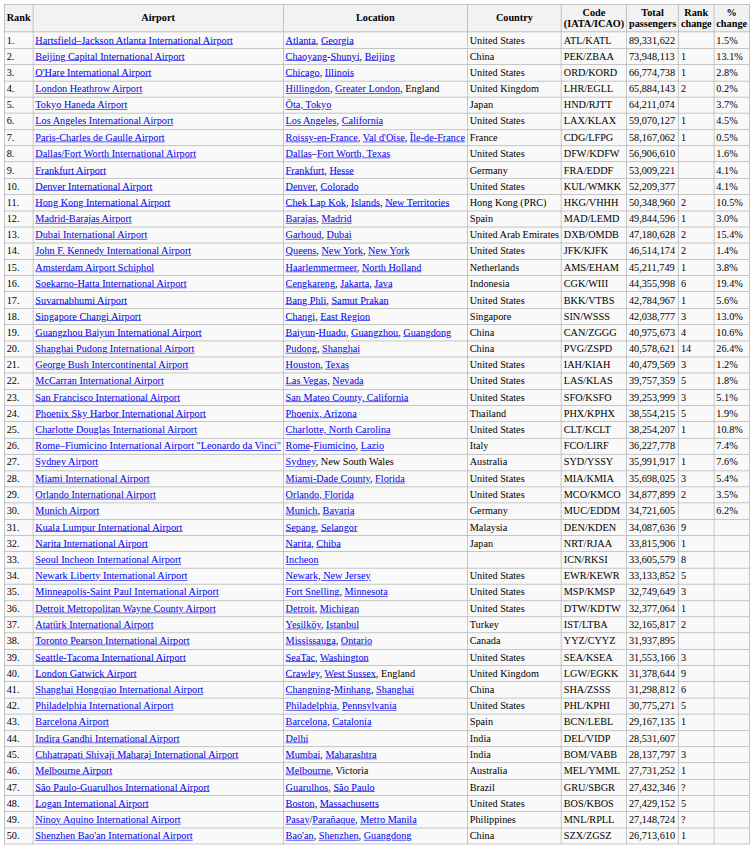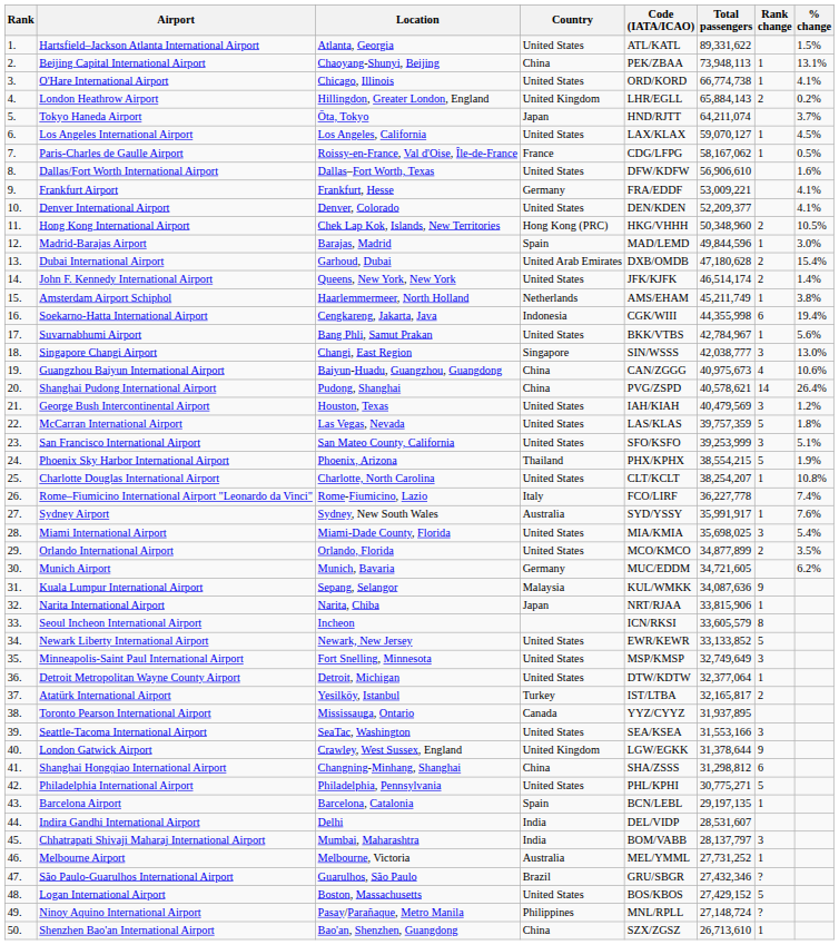 <table class="wikitable sortable" style="-size: 85%" width= align=>
 <tr style="background:lightgrey;">
 <th>Rank</th>
 <th>Airport</th>
 <th>Location</th>
 <th>Country</th>
 <th>Code<br>(IATA/ICAO)</th>
 <th>Total<br>passengers</th>
 <th>Rank<br>change</th>
 <th>%<br>change</th>
 </tr>
 <tr>
 <td>1.</td>
 <td> <a href='#'>Hartsfield–Jackson Atlanta International Airport</a></td>
 <td><a href='#'>Atlanta</a>, <a href='#'>Georgia</a></td>
 <td>United States</td>
 <td>ATL/KATL</td>
 <td>89,331,622</td>
 <td></td>
 <td>1.5%</td>
 </tr>
 <tr>
 <td>2.</td>
 <td> <a href='#'>Beijing Capital International Airport</a></td>
 <td><a href='#'>Chaoyang</a>-<a href='#'>Shunyi</a>, <a href='#'>Beijing</a></td>
 <td>China</td>
 <td>PEK/ZBAA</td>
 <td>73,948,113</td>
 <td>1</td>
 <td>13.1%</td>
 </tr>
 <tr>
 <td>3.</td>
 <td> <a href='#'>O'Hare International Airport</a></td>
 <td><a href='#'>Chicago</a>, <a href='#'>Illinois</a></td>
 <td>United States</td>
 <td>ORD/KORD</td>
 <td>66,774,738</td>
 <td>1</td>
-<td>2.8%</td>
+<td>4.1%</td>
 </tr>
 <tr>
 <td>4.</td>
 <td> <a href='#'>London Heathrow Airport</a></td>
 <td><a href='#'>Hillingdon</a>, <a href='#'>Greater London</a>, England</td>
 <td>United Kingdom</td>
 <td>LHR/EGLL</td>
 <td>65,884,143</td>
 <td>2</td>
 <td>0.2%</td>
 </tr>
 <tr>
 <td>5.</td>
 <td> <a href='#'>Tokyo Haneda Airport</a></td>
 <td><a href='#'>Ōta, Tokyo</a></td>
 <td>Japan</td>
 <td>HND/RJTT</td>
 <td>64,211,074</td>
 <td></td>
 <td>3.7%</td>
 </tr>
 <tr>
 <td>6.</td>
 <td> <a href='#'>Los Angeles International Airport</a></td>
 <td><a href='#'>Los Angeles</a>, <a href='#'>California</a></td>
 <td>United States</td>
 <td>LAX/KLAX</td>
 <td>59,070,127</td>
 <td>1</td>
 <td>4.5%</td>
 </tr>
 <tr>
 <td>7.</td>
 <td> <a href='#'>Paris-Charles de Gaulle Airport</a></td>
 <td><a href='#'>Roissy-en-France</a>, <a href='#'>Val d'Oise</a>, <a href='#'>Île-de-France</a></td>
 <td>France</td>
 <td>CDG/LFPG</td>
 <td>58,167,062</td>
 <td>1</td>
 <td>0.5%</td>
 </tr>
 <tr>
 <td>8.</td>
 <td> <a href='#'>Dallas/Fort Worth International Airport</a></td>
 <td><a href='#'>Dallas</a>–<a href='#'>Fort Worth, Texas</a></td>
 <td>United States</td>
 <td>DFW/KDFW</td>
 <td>56,906,610</td>
 <td></td>
 <td>1.6%</td>
 </tr>
 <tr>
 <td>9.</td>
 <td> <a href='#'>Frankfurt Airport</a></td>
 <td><a href='#'>Frankfurt</a>, <a href='#'>Hesse</a></td>
 <td>Germany</td>
 <td>FRA/EDDF</td>
 <td>53,009,221</td>
 <td></td>
 <td>4.1%</td>
 </tr>
 <tr>
 <td>10.</td>
 <td> <a href='#'>Denver International Airport</a></td>
 <td><a href='#'>Denver</a>, <a href='#'>Colorado</a></td>
 <td>United States</td>
-<td>KUL/WMKK</td>
+<td>DEN/KDEN</td>
 <td>52,209,377</td>
 <td></td>
 <td>4.1%</td>
 </tr>
 <tr>
 <td>11.</td>
 <td> <a href='#'>Hong Kong International Airport</a></td>
 <td><a href='#'>Chek Lap Kok</a>, <a href='#'>Islands</a>, <a href='#'>New Territories</a></td>
 <td>Hong Kong (PRC)</td>
 <td>HKG/VHHH</td>
 <td>50,348,960</td>
 <td>2</td>
 <td>10.5%</td>
 </tr>
 <tr>
 <td>12.</td>
 <td> <a href='#'>Madrid-Barajas Airport</a></td>
 <td><a href='#'>Barajas</a>, <a href='#'>Madrid</a></td>
 <td>Spain</td>
 <td>MAD/LEMD</td>
 <td>49,844,596</td>
 <td>1</td>
 <td>3.0%</td>
 </tr>
 <tr>
 <td>13.</td>
 <td> <a href='#'>Dubai International Airport</a></td>
 <td><a href='#'>Garhoud</a>, <a href='#'>Dubai</a></td>
 <td>United Arab Emirates</td>
 <td>DXB/OMDB</td>
 <td>47,180,628</td>
 <td>2</td>
 <td>15.4%</td>
 </tr>
 <tr>
 <td>14.</td>
 <td> <a href='#'>John F. Kennedy International Airport</a></td>
 <td><a href='#'>Queens</a>, <a href='#'>New York</a>, <a href='#'>New York</a></td>
 <td>United States</td>
 <td>JFK/KJFK</td>
 <td>46,514,174</td>
 <td>2</td>
 <td>1.4%</td>
 </tr>
 <tr>
 <td>15.</td>
 <td> <a href='#'>Amsterdam Airport Schiphol</a></td>
 <td><a href='#'>Haarlemmermeer</a>, <a href='#'>North Holland</a></td>
 <td>Netherlands</td>
 <td>AMS/EHAM</td>
 <td>45,211,749</td>
 <td>1</td>
 <td>3.8%</td>
 </tr>
 <tr>
 <td>16.</td>
 <td> <a href='#'>Soekarno-Hatta International Airport</a></td>
 <td><a href='#'>Cengkareng</a>, <a href='#'>Jakarta</a>, <a href='#'>Java</a></td>
 <td>Indonesia</td>
 <td>CGK/WIII</td>
 <td>44,355,998</td>
 <td>6</td>
 <td>19.4%</td>
 </tr>
 <tr>
 <td>17.</td>
 <td> <a href='#'>Suvarnabhumi Airport</a></td>
 <td><a href='#'>Bang Phli</a>, <a href='#'>Samut Prakan</a></td>
 <td>United States</td>
 <td>BKK/VTBS</td>
 <td>42,784,967</td>
 <td>1</td>
 <td>5.6%</td>
 </tr>
 <tr>
 <td>18.</td>
 <td> <a href='#'>Singapore Changi Airport</a></td>
 <td><a href='#'>Changi</a>, <a href='#'>East Region</a></td>
 <td>Singapore</td>
 <td>SIN/WSSS</td>
 <td>42,038,777</td>
 <td>3</td>
 <td>13.0%</td>
 </tr>
 <tr>
 <td>19.</td>
 <td> <a href='#'>Guangzhou Baiyun International Airport</a></td>
 <td><a href='#'>Baiyun</a>-<a href='#'>Huadu</a>, <a href='#'>Guangzhou</a>, <a href='#'>Guangdong</a></td>
 <td>China</td>
 <td>CAN/ZGGG</td>
 <td>40,975,673</td>
 <td>4</td>
 <td>10.6%</td>
 </tr>
 <tr>
 <td>20.</td>
 <td> <a href='#'>Shanghai Pudong International Airport</a></td>
 <td><a href='#'>Pudong</a>, <a href='#'>Shanghai</a></td>
 <td>China</td>
 <td>PVG/ZSPD</td>
 <td>40,578,621</td>
 <td>14</td>
 <td>26.4%</td>
 </tr>
 <tr>
 <td>21.</td>
 <td> <a href='#'>George Bush Intercontinental Airport</a></td>
 <td><a href='#'>Houston</a>, <a href='#'>Texas</a></td>
 <td>United States</td>
 <td>IAH/KIAH</td>
 <td>40,479,569</td>
 <td>3</td>
 <td>1.2%</td>
 </tr>
 <tr>
 <td>22.</td>
 <td> <a href='#'>McCarran International Airport</a></td>
 <td><a href='#'>Las Vegas</a>, <a href='#'>Nevada</a></td>
 <td>United States</td>
 <td>LAS/KLAS</td>
 <td>39,757,359</td>
 <td>5</td>
 <td>1.8%</td>
 </tr>
 <tr>
 <td>23.</td>
 <td> <a href='#'>San Francisco International Airport</a></td>
 <td><a href='#'>San Mateo County, California</a></td>
 <td>United States</td>
 <td>SFO/KSFO</td>
 <td>39,253,999</td>
 <td>3</td>
 <td>5.1%</td>
 </tr>
 <tr>
 <td>24.</td>
 <td> <a href='#'>Phoenix Sky Harbor International Airport</a></td>
 <td><a href='#'>Phoenix, Arizona</a></td>
 <td>Thailand</td>
 <td>PHX/KPHX</td>
 <td>38,554,215</td>
 <td>5</td>
 <td>1.9%</td>
 </tr>
 <tr>
 <td>25.</td>
 <td> <a href='#'>Charlotte Douglas International Airport</a></td>
 <td><a href='#'>Charlotte, North Carolina</a></td>
 <td>United States</td>
 <td>CLT/KCLT</td>
 <td>38,254,207</td>
 <td>1</td>
 <td>10.8%</td>
 </tr>
 <tr>
 <td>26.</td>
 <td> <a href='#'>Rome–Fiumicino International Airport "Leonardo da Vinci"</a></td>
 <td><a href='#'>Rome</a>-<a href='#'>Fiumicino</a>, <a href='#'>Lazio</a></td>
 <td>Italy</td>
 <td>FCO/LIRF</td>
 <td>36,227,778</td>
 <td></td>
 <td>7.4%</td>
 </tr>
 <tr>
 <td>27.</td>
 <td> <a href='#'>Sydney Airport</a></td>
 <td><a href='#'>Sydney</a>, New South Wales</td>
 <td>Australia</td>
 <td>SYD/YSSY</td>
 <td>35,991,917</td>
 <td>1</td>
 <td>7.6%</td>
 </tr>
 <tr>
 <td>28.</td>
 <td> <a href='#'>Miami International Airport</a></td>
 <td><a href='#'>Miami-Dade County</a>, <a href='#'>Florida</a></td>
 <td>United States</td>
 <td>MIA/KMIA</td>
 <td>35,698,025</td>
 <td>3</td>
 <td>5.4%</td>
 </tr>
 <tr>
 <td>29.</td>
 <td> <a href='#'>Orlando International Airport</a></td>
 <td><a href='#'>Orlando, Florida</a></td>
 <td>United States</td>
 <td>MCO/KMCO</td>
 <td>34,877,899</td>
 <td>2</td>
 <td>3.5%</td>
 </tr>
 <tr>
 <td>30.</td>
 <td> <a href='#'>Munich Airport</a></td>
 <td><a href='#'>Munich</a>, <a href='#'>Bavaria</a></td>
 <td>Germany</td>
 <td>MUC/EDDM</td>
 <td>34,721,605</td>
 <td></td>
 <td>6.2%</td>
 </tr>
 <tr>
 <td>31.</td>
 <td> <a href='#'>Kuala Lumpur International Airport</a></td>
 <td><a href='#'>Sepang</a>, <a href='#'>Selangor</a></td>
 <td>Malaysia</td>
-<td>DEN/KDEN</td>
+<td>KUL/WMKK</td>
 <td>34,087,636</td>
 <td>9</td>
 <td></td>
 </tr>
 <tr>
 <td>32.</td>
 <td> <a href='#'>Narita International Airport</a></td>
 <td><a href='#'>Narita</a>, <a href='#'>Chiba</a></td>
 <td>Japan</td>
 <td>NRT/RJAA</td>
 <td>33,815,906</td>
 <td>1</td>
 <td></td>
 </tr>
 <tr>
 <td>33.</td>
 <td> <a href='#'>Seoul Incheon International Airport</a></td>
 <td><a href='#'>Incheon</a></td>
 <td></td>
 <td>ICN/RKSI</td>
 <td>33,605,579</td>
 <td>8</td>
 <td></td>
 </tr>
 <tr>
 <td>34.</td>
 <td> <a href='#'>Newark Liberty International Airport</a></td>
 <td><a href='#'>Newark, New Jersey</a></td>
 <td>United States</td>
 <td>EWR/KEWR</td>
 <td>33,133,852</td>
 <td>5</td>
 <td></td>
 </tr>
 <tr>
 <td>35.</td>
 <td> <a href='#'>Minneapolis-Saint Paul International Airport</a></td>
 <td><a href='#'>Fort Snelling</a>, <a href='#'>Minnesota</a></td>
 <td>United States</td>
 <td>MSP/KMSP</td>
 <td>32,749,649</td>
 <td>3</td>
 <td></td>
 </tr>
 <tr>
 <td>36.</td>
 <td> <a href='#'>Detroit Metropolitan Wayne County Airport</a></td>
 <td><a href='#'>Detroit</a>, <a href='#'>Michigan</a></td>
 <td>United States</td>
 <td>DTW/KDTW</td>
 <td>32,377,064</td>
 <td>1</td>
 <td></td>
 </tr>
 <tr>
 <td>37.</td>
 <td> <a href='#'>Atatürk International Airport</a></td>
 <td><a href='#'>Yesilköy</a>, <a href='#'>Istanbul</a></td>
 <td>Turkey</td>
 <td>IST/LTBA</td>
 <td>32,165,817</td>
 <td>2</td>
 <td></td>
 </tr>
 <tr>
 <td>38.</td>
 <td> <a href='#'>Toronto Pearson International Airport</a></td>
 <td><a href='#'>Mississauga</a>, <a href='#'>Ontario</a></td>
 <td>Canada</td>
 <td>YYZ/CYYZ</td>
 <td>31,937,895</td>
 <td></td>
 <td></td>
 </tr>
 <tr>
 <td>39.</td>
 <td> <a href='#'>Seattle-Tacoma International Airport</a></td>
 <td><a href='#'>SeaTac</a>, <a href='#'>Washington</a></td>
 <td>United States</td>
 <td>SEA/KSEA</td>
 <td>31,553,166</td>
 <td>3</td>
 <td></td>
 </tr>
 <tr>
 <td>40.</td>
 <td> <a href='#'>London Gatwick Airport</a></td>
 <td><a href='#'>Crawley</a>, <a href='#'>West Sussex</a>, England</td>
 <td>United Kingdom</td>
 <td>LGW/EGKK</td>
 <td>31,378,644</td>
 <td>9</td>
 <td></td>
 </tr>
 <tr>
 <td>41.</td>
 <td> <a href='#'>Shanghai Hongqiao International Airport</a></td>
 <td><a href='#'>Changning</a>-<a href='#'>Minhang</a>, <a href='#'>Shanghai</a></td>
 <td>China</td>
 <td>SHA/ZSSS</td>
 <td>31,298,812</td>
 <td>6</td>
 <td></td>
 </tr>
 <tr>
 <td>42.</td>
 <td> <a href='#'>Philadelphia International Airport</a></td>
 <td><a href='#'>Philadelphia</a>, <a href='#'>Pennsylvania</a></td>
 <td>United States</td>
 <td>PHL/KPHI</td>
 <td>30,775,271</td>
 <td>5</td>
 <td></td>
 </tr>
 <tr>
 <td>43.</td>
 <td> <a href='#'>Barcelona Airport</a></td>
 <td><a href='#'>Barcelona</a>, <a href='#'>Catalonia</a></td>
 <td>Spain</td>
 <td>BCN/LEBL</td>
-<td>29,167,135</td>
+<td>29,197,135</td>
 <td>1</td>
 <td></td>
 </tr>
 <tr>
 <td>44.</td>
 <td> <a href='#'>Indira Gandhi International Airport</a></td>
 <td><a href='#'>Delhi</a></td>
 <td>India</td>
 <td>DEL/VIDP</td>
 <td>28,531,607</td>
 <td></td>
 <td></td>
 </tr>
 <tr>
 <td>45.</td>
 <td> <a href='#'>Chhatrapati Shivaji Maharaj International Airport</a></td>
 <td><a href='#'>Mumbai</a>, <a href='#'>Maharashtra</a></td>
 <td>India</td>
 <td>BOM/VABB</td>
 <td>28,137,797</td>
 <td>3</td>
 <td></td>
 </tr>
 <tr>
 <td>46.</td>
 <td> <a href='#'>Melbourne Airport</a></td>
 <td><a href='#'>Melbourne</a>, Victoria</td>
 <td>Australia</td>
 <td>MEL/YMML</td>
 <td>27,731,252</td>
 <td>1</td>
 <td></td>
 </tr>
 <tr>
 <td>47.</td>
 <td> <a href='#'>São Paulo-Guarulhos International Airport</a></td>
 <td><a href='#'>Guarulhos</a>, <a href='#'>São Paulo</a></td>
 <td>Brazil</td>
 <td>GRU/SBGR</td>
 <td>27,432,346</td>
 <td>?</td>
 <td></td>
 </tr>
 <tr>
 <td>48.</td>
 <td> <a href='#'>Logan International Airport</a></td>
 <td><a href='#'>Boston</a>, <a href='#'>Massachusetts</a></td>
 <td>United States</td>
 <td>BOS/KBOS</td>
 <td>27,429,152</td>
 <td>5</td>
 <td></td>
 </tr>
 <tr>
 <td>49.</td>
 <td> <a href='#'>Ninoy Aquino International Airport</a></td>
 <td><a href='#'>Pasay</a>/<a href='#'>Parañaque</a>, <a href='#'>Metro Manila</a></td>
 <td>Philippines</td>
 <td>MNL/RPLL</td>
 <td>27,148,724</td>
 <td>?</td>
 <td></td>
 </tr>
 <tr>
 <td>50.</td>
 <td> <a href='#'>Shenzhen Bao'an International Airport</a></td>
 <td><a href='#'>Bao'an</a>, <a href='#'>Shenzhen</a>, <a href='#'>Guangdong</a></td>
 <td>China</td>
 <td>SZX/ZGSZ</td>
 <td>26,713,610</td>
 <td>1</td>
 <td></td>
 </tr>
 </table>
